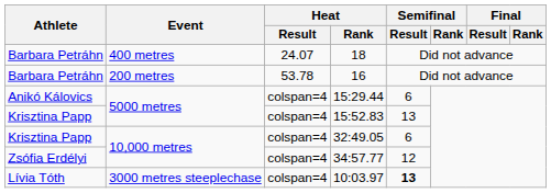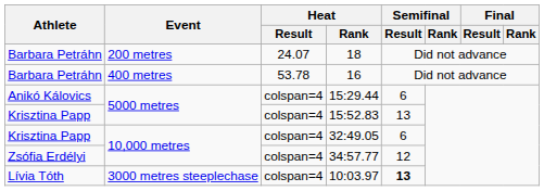 <table class=wikitable style=font-size:90%>
 <tr>
 <th rowspan=2>Athlete</th>
 <th rowspan=2>Event</th>
 <th colspan=2>Heat</th>
 <th colspan=2>Semifinal</th>
 <th colspan=2>Final</th>
 </tr>
 <tr style=font-size:95%>
 <th>Result</th>
 <th>Rank</th>
 <th>Result</th>
 <th>Rank</th>
 <th>Result</th>
 <th>Rank</th>
 </tr>
 <tr align=center>
 <td align=left><a href='#'>Barbara Petráhn</a></td>
-<td align=left><a href='#'>400 metres</a></td>
+<td align=left><a href='#'>200 metres</a></td>
 <td>24.07</td>
 <td>18</td>
 <td colspan=4>Did not advance</td>
 </tr>
 <tr align=center>
 <td align=left><a href='#'>Barbara Petráhn</a></td>
-<td align=left><a href='#'>200 metres</a></td>
+<td align=left><a href='#'>400 metres</a></td>
 <td>53.78</td>
 <td>16</td>
 <td colspan=4>Did not advance</td>
 </tr>
 <tr align=center>
 <td align=left><a href='#'>Anikó Kálovics</a></td>
 <td align=left rowspan=2><a href='#'>5000 metres</a></td>
 <td>colspan=4</td>
 <td>15:29.44 </td>
 <td>6</td>
 </tr>
 <tr align=center>
 <td align=left><a href='#'>Krisztina Papp</a></td>
 <td>colspan=4</td>
 <td>15:52.83</td>
 <td>13</td>
 </tr>
 <tr align=center>
 <td align=left><a href='#'>Krisztina Papp</a></td>
 <td align=left rowspan=2><a href='#'>10,000 metres</a></td>
 <td>colspan=4</td>
 <td>32:49.05</td>
 <td>6</td>
 </tr>
 <tr align=center>
 <td align=left><a href='#'>Zsófia Erdélyi</a></td>
 <td>colspan=4</td>
 <td>34:57.77</td>
 <td>12</td>
 </tr>
 <tr align=center>
 <td align=left><a href='#'>Lívia Tóth</a></td>
 <td align=left><a href='#'>3000 metres steeplechase</a></td>
 <td>colspan=4</td>
 <td>10:03.97</td>
 <td><strong>13</strong></td>
 </tr>
 </table>
